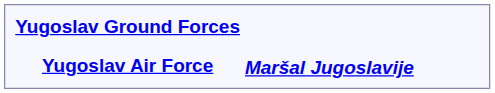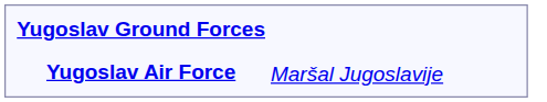 <table style="border:1px solid #8888aa; background-color:#f7f8ff; padding:5px; font-size:95%; margin: 0px 12px 12px 0px;">
 <tr style="text-align:center;">
 <td rowspan=2><strong> <a href='#'>Yugoslav Ground Forces</a></strong></td>
 <td colspan=1></td>
 <td colspan=1></td>
 <td colspan=2></td>
 <td colspan=2></td>
 <td colspan=2></td>
 <td colspan=2></td>
 <td colspan=2></td>
 <td colspan=2></td>
 <td colspan=2></td>
 <td colspan=1></td>
 <td colspan=1></td>
 <td colspan=3></td>
 <td colspan=3></td>
 <td colspan=2 rowspan=2></td>
 </tr>
 <tr style="text-align:center;">
 <td colspan=1></td>
 <td colspan=1></td>
 <td colspan=2></td>
 <td colspan=2></td>
 <td colspan=2></td>
 <td colspan=2></td>
 <td colspan=2></td>
 <td colspan=2></td>
 <td colspan=2></td>
 <td colspan=1></td>
 <td colspan=1></td>
 <td colspan=3></td>
 <td colspan=3></td>
 </tr>
 <tr style="text-align:center;">
 <td rowspan=2><strong></strong></td>
 <td colspan=1></td>
 <td colspan=1 rowspan=2></td>
 <td colspan=2></td>
 <td colspan=2></td>
 <td colspan=2></td>
 <td colspan=2></td>
 <td colspan=2></td>
 <td colspan=2></td>
 <td colspan=2></td>
 <td colspan=1></td>
 <td colspan=1></td>
 <td colspan=3></td>
 <td colspan=3></td>
 </tr>
 <tr style="text-align:center;">
 <td colspan=1></td>
 <td colspan=2></td>
 <td colspan=2></td>
 <td colspan=2></td>
 <td colspan=2></td>
 <td colspan=2></td>
 <td colspan=2></td>
 <td colspan=2></td>
 <td colspan=1></td>
 <td colspan=1></td>
 <td colspan=3></td>
 <td colspan=3></td>
 </tr>
 <tr style="text-align:center;">
 <td rowspan=2><strong> <a href='#'>Yugoslav Air Force</a></strong></td>
 <td colspan=1></td>
 <td colspan=1 rowspan=2></td>
 <td colspan=2></td>
 <td colspan=2></td>
 <td colspan=2></td>
 <td colspan=2></td>
 <td colspan=2></td>
 <td colspan=2></td>
 <td colspan=2></td>
 <td colspan=1></td>
 <td colspan=1></td>
 <td colspan=3></td>
 <td colspan=3></td>
 <td colspan=12></td>
 </tr>
 <tr style="text-align:center;">
-<td colspan=1><strong><em><a href='#'>Maršal Jugoslavije</a></em></strong></td>
+<td colspan=1><em><a href='#'>Maršal Jugoslavije</a></em></td>
 <td colspan=2></td>
 <td colspan=2></td>
 <td colspan=2></td>
 <td colspan=2></td>
 <td colspan=2></td>
 <td colspan=2></td>
 <td colspan=2></td>
 <td colspan=1></td>
 <td colspan=1></td>
 <td colspan=3></td>
 <td colspan=3><br></td>
 </tr>
 </table>
